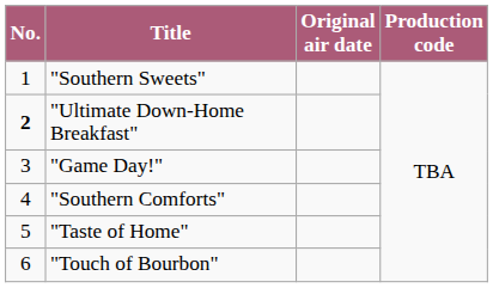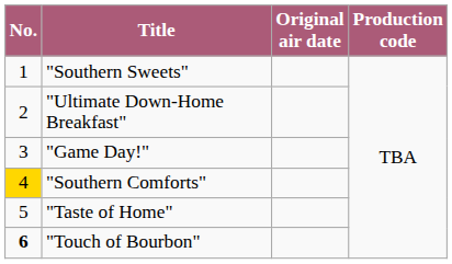 <table class="wikitable plainrowheaders" style="width:60%;">
 <tr>
 <th style="background-color: #ab5b78; color: #FFFFFF;" width=5%>No.</th>
 <th style="background-color: #ab5b78; color: #FFFFFF;" width=60%>Title</th>
 <th style="background-color: #ab5b78; color: #FFFFFF;">Original air date</th>
 <th style="background-color: #ab5b78; color: #FFFFFF;">Production code</th>
 </tr>
 <tr>
 <td align=center>1</td>
 <td>"Southern Sweets"</td>
 <td align=center></td>
 <td align=center rowspan=6>TBA</td>
 </tr>
 <tr>
-<td align=center><strong>2</strong></td>
+<td align=center>2</td>
 <td>"Ultimate Down-Home Breakfast"</td>
 <td align=center></td>
 </tr>
 <tr>
 <td align=center>3</td>
 <td>"Game Day!"</td>
 <td align=center></td>
 </tr>
 <tr>
-<td align=center>4</td>
+<td align=center style="background: gold;">4</td>
 <td>"Southern Comforts"</td>
 <td align=center></td>
 </tr>
 <tr>
 <td align=center>5</td>
 <td>"Taste of Home"</td>
 <td align=center></td>
 </tr>
 <tr>
-<td align=center>6</td>
+<td align=center><strong>6</strong></td>
 <td>"Touch of Bourbon"</td>
 <td align=center></td>
 </tr>
 </table>
